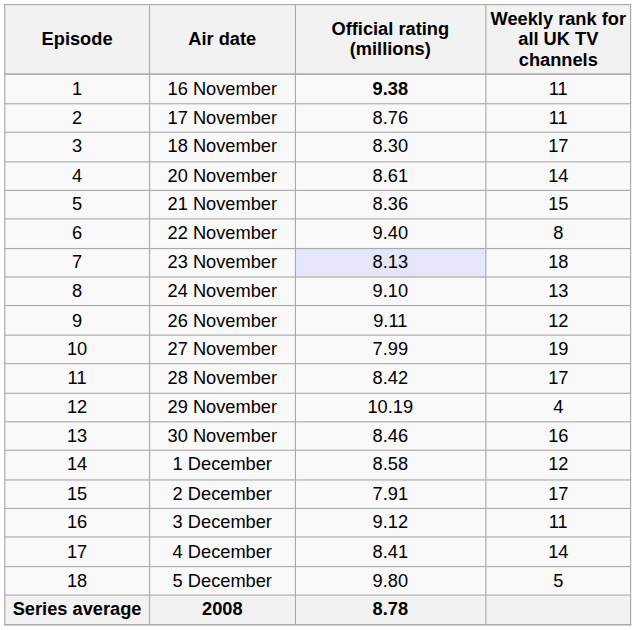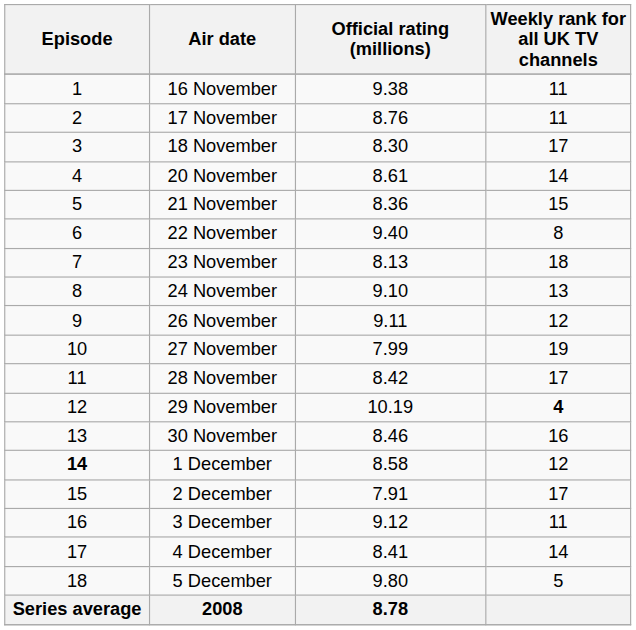 <table class="wikitable" style="text-align:center; margin: 1em auto 1em auto">
 <tr>
 <th scope="col" style="width:120px;">Episode</th>
 <th scope="col" style="width:120px;">Air date</th>
 <th scope="col" style="width:160px;">Official rating <br> (millions)</th>
 <th scope="col" style="width:120px;">Weekly rank for all UK TV channels</th>
 </tr>
 <tr>
 </tr>
 <tr>
 <td>1</td>
 <td>16 November</td>
-<td><strong>9.38</strong></td>
+<td>9.38</td>
 <td>11</td>
 </tr>
 <tr>
 <td>2</td>
 <td>17 November</td>
 <td>8.76</td>
 <td>11</td>
 </tr>
 <tr>
 <td>3</td>
 <td>18 November</td>
 <td>8.30</td>
 <td>17</td>
 </tr>
 <tr>
 <td>4</td>
 <td>20 November</td>
 <td>8.61</td>
 <td>14</td>
 </tr>
 <tr>
 <td>5</td>
 <td>21 November</td>
 <td>8.36</td>
 <td>15</td>
 </tr>
 <tr>
 <td>6</td>
 <td>22 November</td>
 <td>9.40</td>
 <td>8</td>
 </tr>
 <tr>
 <td>7</td>
 <td>23 November</td>
-<td style="background: lavender;">8.13</td>
+<td>8.13</td>
 <td>18</td>
 </tr>
 <tr>
 <td>8</td>
 <td>24 November</td>
 <td>9.10</td>
 <td>13</td>
 </tr>
 <tr>
 <td>9</td>
 <td>26 November</td>
 <td>9.11</td>
 <td>12</td>
 </tr>
 <tr>
 <td>10</td>
 <td>27 November</td>
 <td>7.99</td>
 <td>19</td>
 </tr>
 <tr>
 <td>11</td>
 <td>28 November</td>
 <td>8.42</td>
 <td>17</td>
 </tr>
 <tr>
 <td>12</td>
 <td>29 November</td>
 <td>10.19</td>
-<td>4</td>
+<td><strong>4</strong></td>
 </tr>
 <tr>
 <td>13</td>
 <td>30 November</td>
 <td>8.46</td>
 <td>16</td>
 </tr>
 <tr>
-<td>14</td>
+<td><strong>14</strong></td>
 <td>1 December</td>
 <td>8.58</td>
 <td>12</td>
 </tr>
 <tr>
 <td>15</td>
 <td>2 December</td>
 <td>7.91</td>
 <td>17</td>
 </tr>
 <tr>
 <td>16</td>
 <td>3 December</td>
 <td>9.12</td>
 <td>11</td>
 </tr>
 <tr>
 <td>17</td>
 <td>4 December</td>
 <td>8.41</td>
 <td>14</td>
 </tr>
 <tr>
 <td>18</td>
 <td>5 December</td>
 <td>9.80</td>
 <td>5</td>
 </tr>
 <tr>
 <th>Series average</th>
 <th>2008</th>
 <th>8.78</th>
 <th></th>
 </tr>
 <tr>
 </tr>
 </table>
